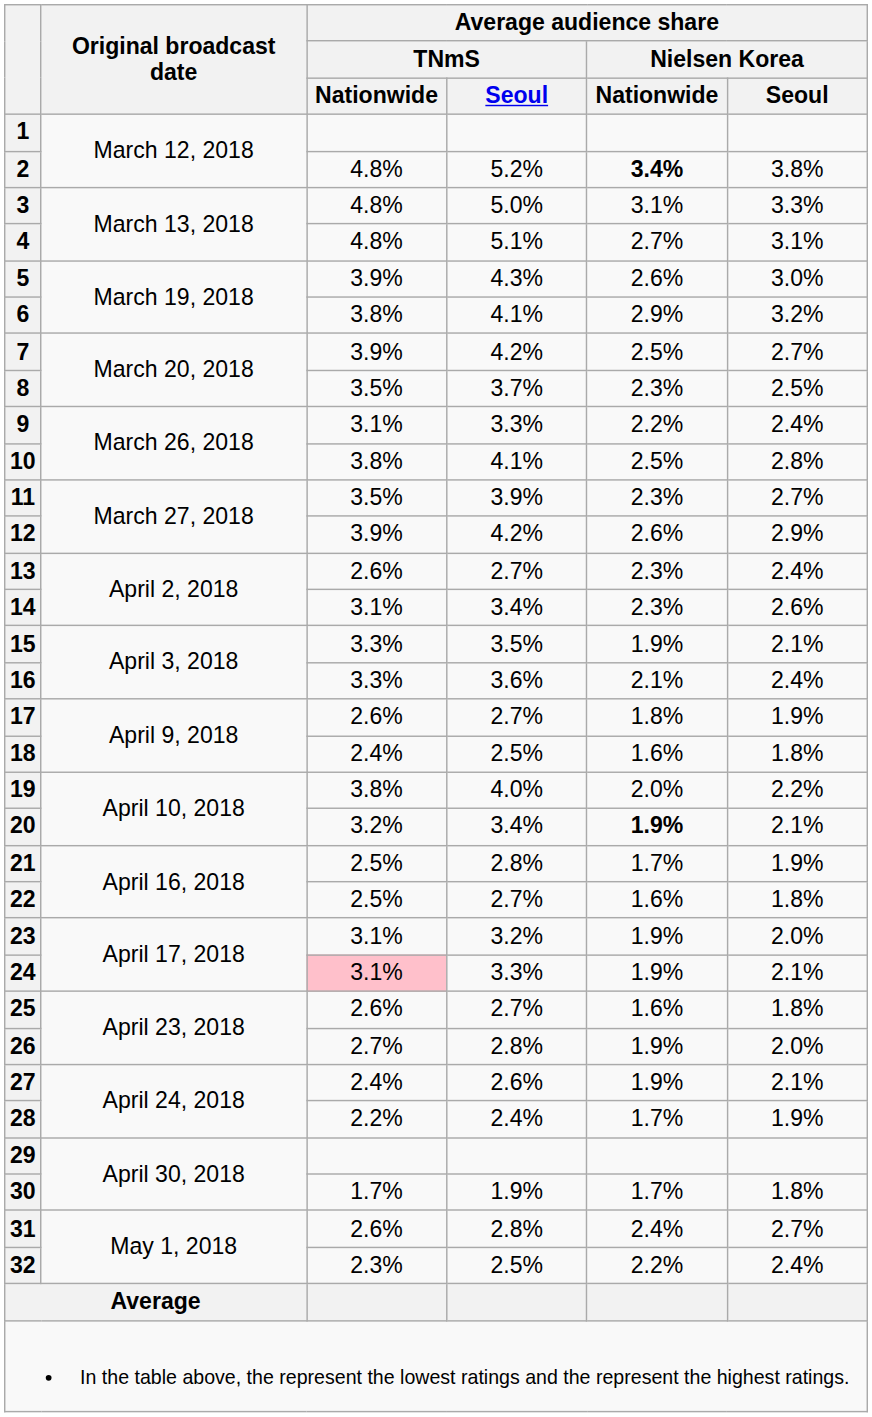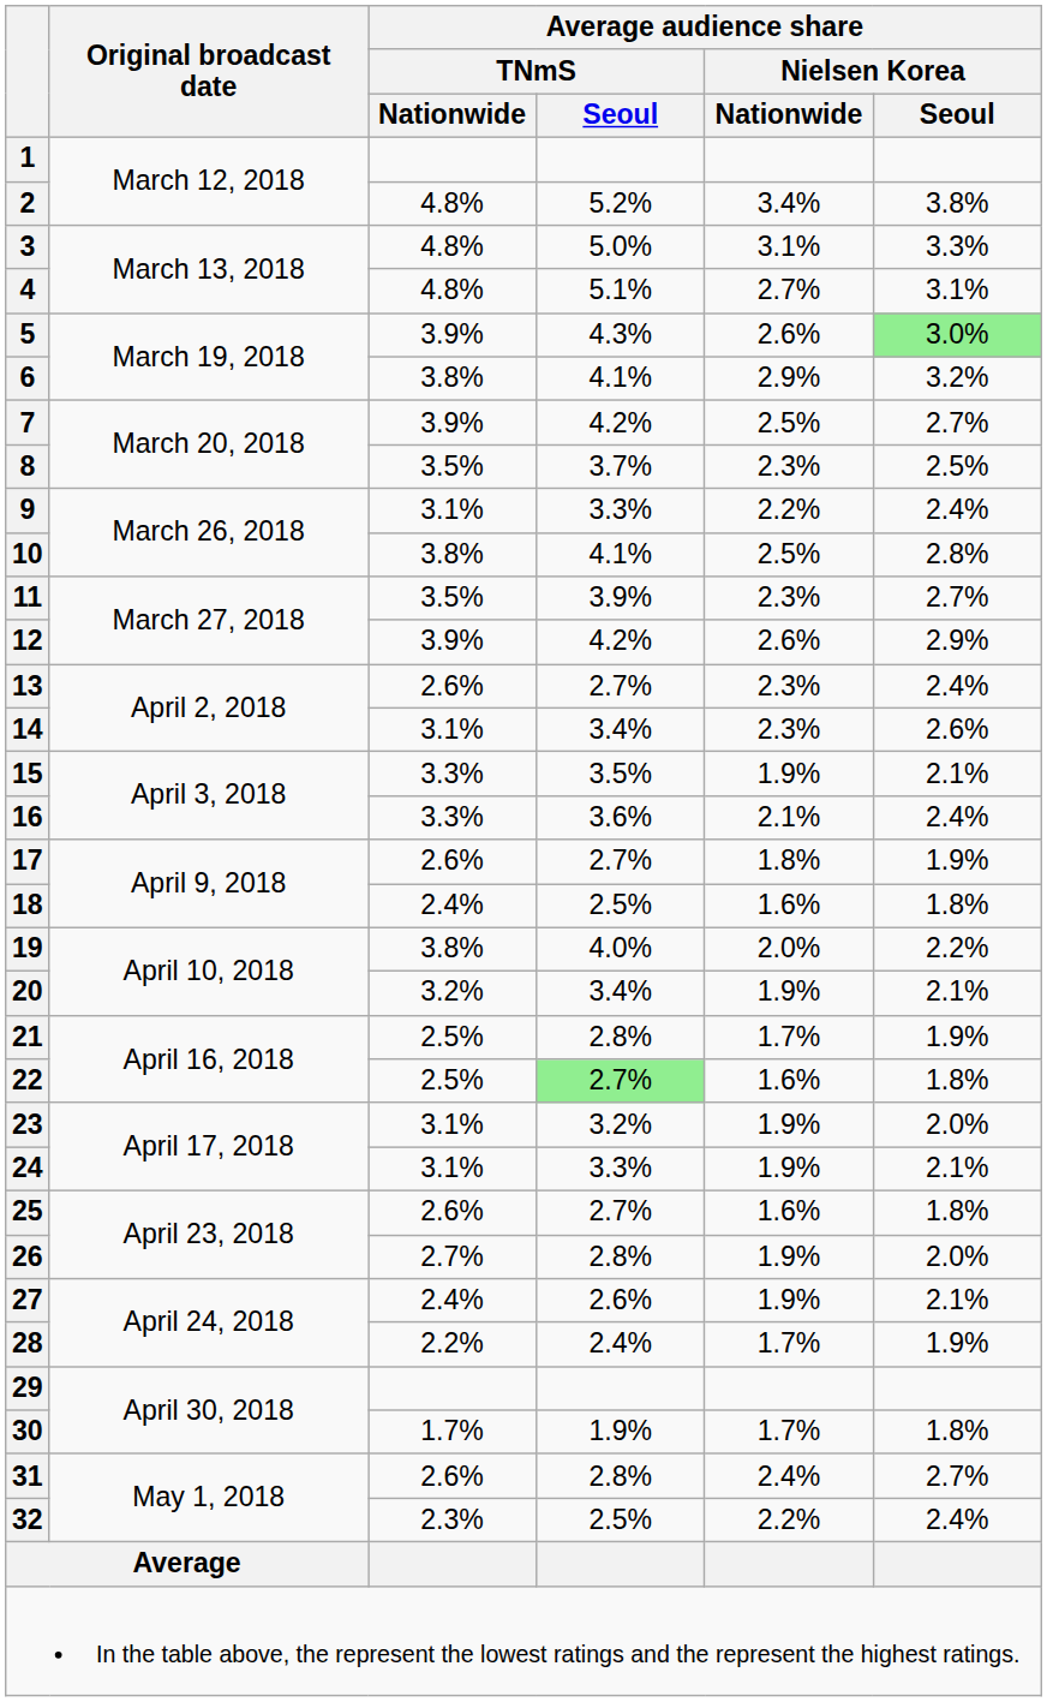 <table class="wikitable" style="text-align:center; width:600px">
 <tr>
 <th rowspan="3"></th>
 <th rowspan="3">Original broadcast date</th>
 <th colspan="4">Average audience share</th>
 </tr>
 <tr>
 <th colspan="2">TNmS</th>
 <th colspan="2">Nielsen Korea</th>
 </tr>
 <tr>
 <th width="90">Nationwide</th>
 <th width="90"><a href='#'>Seoul</a></th>
 <th width="90">Nationwide</th>
 <th width="90">Seoul</th>
 </tr>
 <tr>
 <th>1</th>
 <td rowspan="2">March 12, 2018</td>
 <td></td>
 <td></td>
 <td></td>
 <td></td>
 </tr>
 <tr>
 <th>2</th>
 <td>4.8%</td>
 <td>5.2%</td>
-<td><strong>3.4%</strong></td>
+<td>3.4%</td>
 <td>3.8%</td>
 </tr>
 <tr>
 <th>3</th>
 <td rowspan="2">March 13, 2018</td>
 <td>4.8%</td>
 <td>5.0%</td>
 <td>3.1%</td>
 <td>3.3%</td>
 </tr>
 <tr>
 <th>4</th>
 <td>4.8%</td>
 <td>5.1%</td>
 <td>2.7%</td>
 <td>3.1%</td>
 </tr>
 <tr>
 <th>5</th>
 <td rowspan="2">March 19, 2018</td>
 <td>3.9%</td>
 <td>4.3%</td>
 <td>2.6%</td>
-<td>3.0%</td>
+<td style="background: lightgreen;">3.0%</td>
 </tr>
 <tr>
 <th>6</th>
 <td>3.8%</td>
 <td>4.1%</td>
 <td>2.9%</td>
 <td>3.2%</td>
 </tr>
 <tr>
 <th>7</th>
 <td rowspan="2">March 20, 2018</td>
 <td>3.9%</td>
 <td>4.2%</td>
 <td>2.5%</td>
 <td>2.7%</td>
 </tr>
 <tr>
 <th>8</th>
 <td>3.5%</td>
 <td>3.7%</td>
 <td>2.3%</td>
 <td>2.5%</td>
 </tr>
 <tr>
 <th>9</th>
 <td rowspan="2">March 26, 2018</td>
 <td>3.1%</td>
 <td>3.3%</td>
 <td>2.2%</td>
 <td>2.4%</td>
 </tr>
 <tr>
 <th>10</th>
 <td>3.8%</td>
 <td>4.1%</td>
 <td>2.5%</td>
 <td>2.8%</td>
 </tr>
 <tr>
 <th>11</th>
 <td rowspan="2">March 27, 2018</td>
 <td>3.5%</td>
 <td>3.9%</td>
 <td>2.3%</td>
 <td>2.7%</td>
 </tr>
 <tr>
 <th>12</th>
 <td>3.9%</td>
 <td>4.2%</td>
 <td>2.6%</td>
 <td>2.9%</td>
 </tr>
 <tr>
 <th>13</th>
 <td rowspan="2">April 2, 2018</td>
 <td>2.6%</td>
 <td>2.7%</td>
 <td>2.3%</td>
 <td>2.4%</td>
 </tr>
 <tr>
 <th>14</th>
 <td>3.1%</td>
 <td>3.4%</td>
 <td>2.3%</td>
 <td>2.6%</td>
 </tr>
 <tr>
 <th>15</th>
 <td rowspan="2">April 3, 2018</td>
 <td>3.3%</td>
 <td>3.5%</td>
 <td>1.9%</td>
 <td>2.1%</td>
 </tr>
 <tr>
 <th>16</th>
 <td>3.3%</td>
 <td>3.6%</td>
 <td>2.1%</td>
 <td>2.4%</td>
 </tr>
 <tr>
 <th>17</th>
 <td rowspan="2">April 9, 2018</td>
 <td>2.6%</td>
 <td>2.7%</td>
 <td>1.8%</td>
 <td>1.9%</td>
 </tr>
 <tr>
 <th>18</th>
 <td>2.4%</td>
 <td>2.5%</td>
 <td>1.6%</td>
 <td>1.8%</td>
 </tr>
 <tr>
 <th>19</th>
 <td rowspan="2">April 10, 2018</td>
 <td>3.8%</td>
 <td>4.0%</td>
 <td>2.0%</td>
 <td>2.2%</td>
 </tr>
 <tr>
 <th>20</th>
 <td>3.2%</td>
 <td>3.4%</td>
-<td><strong>1.9%</strong></td>
+<td>1.9%</td>
 <td>2.1%</td>
 </tr>
 <tr>
 <th>21</th>
 <td rowspan="2">April 16, 2018</td>
 <td>2.5%</td>
 <td>2.8%</td>
 <td>1.7%</td>
 <td>1.9%</td>
 </tr>
 <tr>
 <th>22</th>
 <td>2.5%</td>
-<td>2.7%</td>
+<td style="background: lightgreen;">2.7%</td>
 <td>1.6%</td>
 <td>1.8%</td>
 </tr>
 <tr>
 <th>23</th>
 <td rowspan="2">April 17, 2018</td>
 <td>3.1%</td>
 <td>3.2%</td>
 <td>1.9%</td>
 <td>2.0%</td>
 </tr>
 <tr>
 <th>24</th>
-<td style="background: pink;">3.1%</td>
+<td>3.1%</td>
 <td>3.3%</td>
 <td>1.9%</td>
 <td>2.1%</td>
 </tr>
 <tr>
 <th>25</th>
 <td rowspan="2">April 23, 2018</td>
 <td>2.6%</td>
 <td>2.7%</td>
 <td>1.6%</td>
 <td>1.8%</td>
 </tr>
 <tr>
 <th>26</th>
 <td>2.7%</td>
 <td>2.8%</td>
 <td>1.9%</td>
 <td>2.0%</td>
 </tr>
 <tr>
 <th>27</th>
 <td rowspan="2">April 24, 2018</td>
 <td>2.4%</td>
 <td>2.6%</td>
 <td>1.9%</td>
 <td>2.1%</td>
 </tr>
 <tr>
 <th>28</th>
 <td>2.2%</td>
 <td>2.4%</td>
 <td>1.7%</td>
 <td>1.9%</td>
 </tr>
 <tr>
 <th>29</th>
 <td rowspan="2">April 30, 2018</td>
 <td></td>
 <td></td>
 <td></td>
 <td></td>
 </tr>
 <tr>
 <th>30</th>
 <td>1.7%</td>
 <td>1.9%</td>
 <td>1.7%</td>
 <td>1.8%</td>
 </tr>
 <tr>
 <th>31</th>
 <td rowspan="2">May 1, 2018</td>
 <td>2.6%</td>
 <td>2.8%</td>
 <td>2.4%</td>
 <td>2.7%</td>
 </tr>
 <tr>
 <th>32</th>
 <td>2.3%</td>
 <td>2.5%</td>
 <td>2.2%</td>
 <td>2.4%</td>
 </tr>
 <tr>
 <th colspan="2">Average</th>
 <th></th>
 <th></th>
 <th></th>
 <th></th>
 </tr>
 <tr>
 <td colspan="6" style="font-size:85%"><br><ul><li>In the table above, the <strong></strong> represent the lowest ratings and the <strong></strong> represent the highest ratings.</li></ul></td>
 </tr>
 </table>
